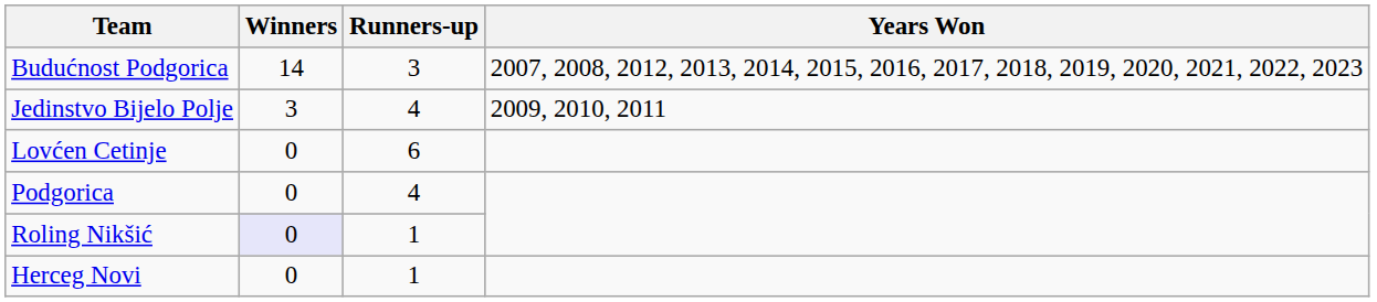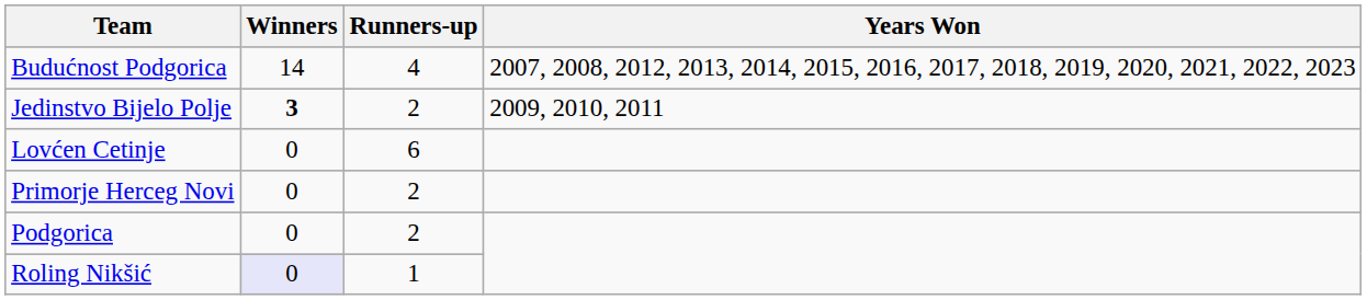 <table class="wikitable" style="font-size:90%">
 <tr>
 <th>Team</th>
 <th>Winners</th>
 <th>Runners-up</th>
 <th>Years Won</th>
 </tr>
 <tr>
 <td><a href='#'>Budućnost Podgorica</a></td>
 <td align="center">14</td>
-<td align="center">3</td>
+<td align="center">4</td>
 <td>2007, 2008, 2012, 2013, 2014, 2015, 2016, 2017, 2018, 2019, 2020, 2021, 2022, 2023</td>
 </tr>
 <tr>
 <td><a href='#'>Jedinstvo Bijelo Polje</a></td>
-<td align="center">3</td>
-<td align="center">4</td>
+<td align="center"><strong>3</strong></td>
+<td align="center">2</td>
 <td>2009, 2010, 2011</td>
 </tr>
 <tr>
 <td><a href='#'>Lovćen Cetinje</a></td>
 <td align="center">0</td>
 <td align="center">6</td>
 <td></td>
 </tr>
 <tr>
+<td><a href='#'>Primorje Herceg Novi</a></td>
+<td align="center">0</td>
+<td align="center">2</td>
+<td></td>
+</tr>
+<tr>
 <td><a href='#'>Podgorica</a></td>
 <td align="center">0</td>
-<td align="center">4</td>
+<td align="center">2</td>
 </tr>
 <tr>
 <td><a href='#'>Roling Nikšić</a></td>
 <td align="center" style="background: lavender;">0</td>
 <td align="center">1</td>
 </tr>
-<tr>
-<td><a href='#'>Herceg Novi</a></td>
-<td align="center">0</td>
-<td align="center">1</td>
-<td></td>
-</tr>
 </table>
